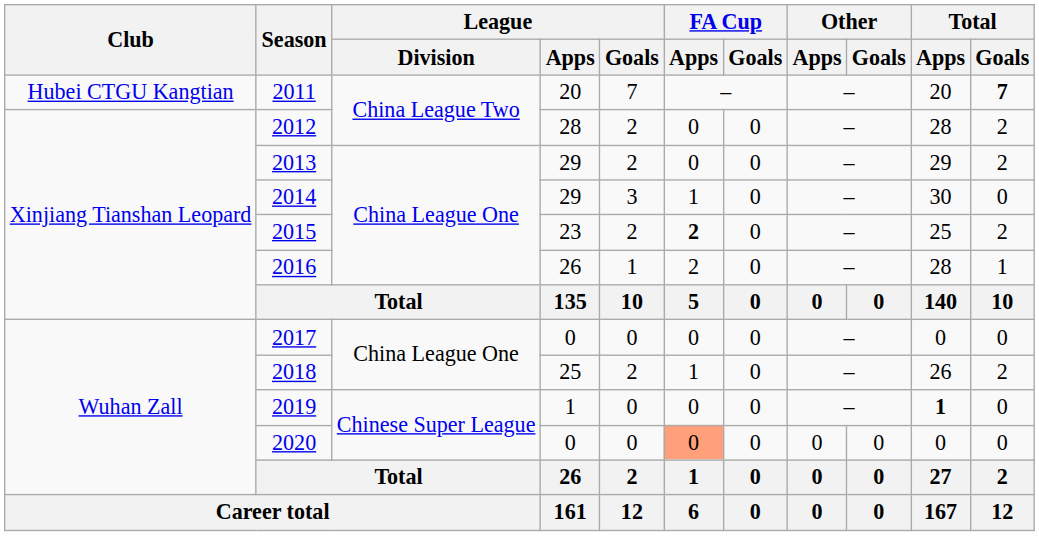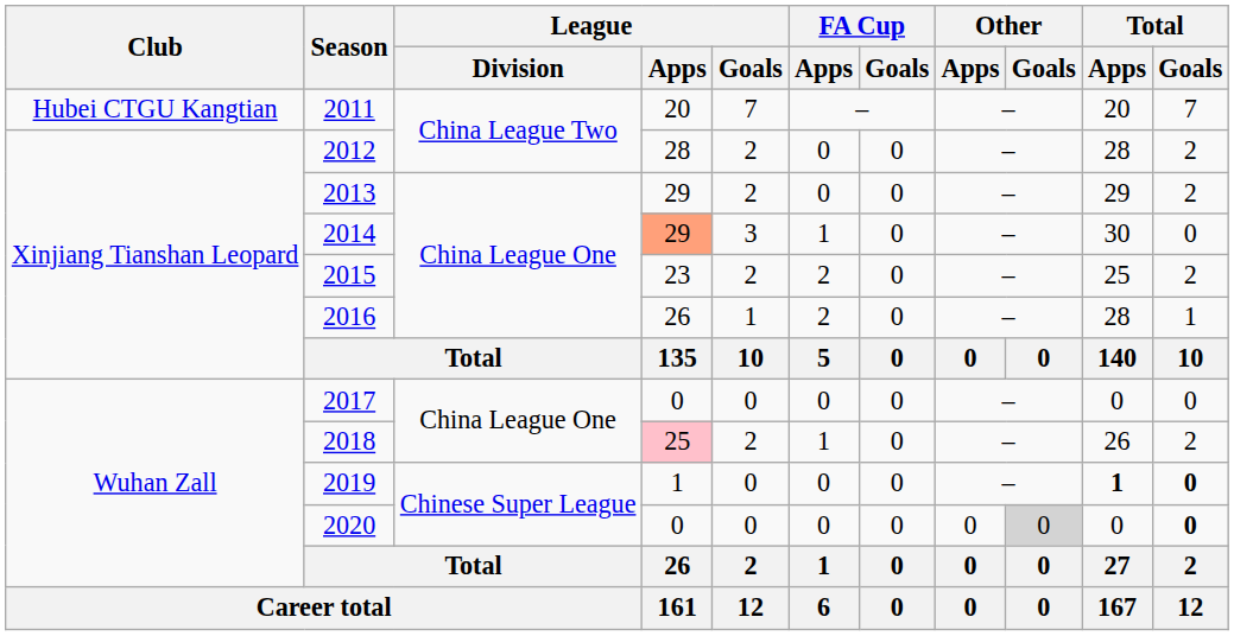 <table class="wikitable" style="text-align: center">
 <tr>
 <th rowspan="2">Club</th>
 <th rowspan="2">Season</th>
 <th colspan="3">League</th>
 <th colspan="2"><a href='#'>FA Cup</a></th>
 <th colspan="2">Other</th>
 <th colspan="2">Total</th>
 </tr>
 <tr>
 <th>Division</th>
 <th>Apps</th>
 <th>Goals</th>
 <th>Apps</th>
 <th>Goals</th>
 <th>Apps</th>
 <th>Goals</th>
 <th>Apps</th>
 <th>Goals</th>
 </tr>
 <tr>
 <td rowspan="1"><a href='#'>Hubei CTGU Kangtian</a></td>
 <td><a href='#'>2011</a></td>
 <td rowspan="2"><a href='#'>China League Two</a></td>
 <td>20</td>
 <td>7</td>
 <td colspan="2">–</td>
 <td colspan="2">–</td>
 <td>20</td>
-<td><strong>7</strong></td>
+<td>7</td>
 </tr>
 <tr>
 <td rowspan="6"><a href='#'>Xinjiang Tianshan Leopard</a></td>
 <td><a href='#'>2012</a></td>
 <td>28</td>
 <td>2</td>
 <td>0</td>
 <td>0</td>
 <td colspan="2">–</td>
 <td>28</td>
 <td>2</td>
 </tr>
 <tr>
 <td><a href='#'>2013</a></td>
 <td rowspan="4"><a href='#'>China League One</a></td>
 <td>29</td>
 <td>2</td>
 <td>0</td>
 <td>0</td>
 <td colspan="2">–</td>
 <td>29</td>
 <td>2</td>
 </tr>
 <tr>
 <td><a href='#'>2014</a></td>
-<td>29</td>
+<td style="background: lightsalmon;">29</td>
 <td>3</td>
 <td>1</td>
 <td>0</td>
 <td colspan="2">–</td>
 <td>30</td>
 <td>0</td>
 </tr>
 <tr>
 <td><a href='#'>2015</a></td>
 <td>23</td>
 <td>2</td>
-<td><strong>2</strong></td>
+<td>2</td>
 <td>0</td>
 <td colspan="2">–</td>
 <td>25</td>
 <td>2</td>
 </tr>
 <tr>
 <td><a href='#'>2016</a></td>
 <td>26</td>
 <td>1</td>
 <td>2</td>
 <td>0</td>
 <td colspan="2">–</td>
 <td>28</td>
 <td>1</td>
 </tr>
 <tr>
 <th colspan=2>Total</th>
 <th>135</th>
 <th>10</th>
 <th>5</th>
 <th>0</th>
 <th>0</th>
 <th>0</th>
 <th>140</th>
 <th>10</th>
 </tr>
 <tr>
 <td rowspan="5"><a href='#'>Wuhan Zall</a></td>
 <td><a href='#'>2017</a></td>
 <td rowspan="2">China League One</td>
 <td>0</td>
 <td>0</td>
 <td>0</td>
 <td>0</td>
 <td colspan="2">–</td>
 <td>0</td>
 <td>0</td>
 </tr>
 <tr>
 <td><a href='#'>2018</a></td>
-<td>25</td>
+<td style="background: pink;">25</td>
 <td>2</td>
 <td>1</td>
 <td>0</td>
 <td colspan="2">–</td>
 <td>26</td>
 <td>2</td>
 </tr>
 <tr>
 <td><a href='#'>2019</a></td>
 <td rowspan=2><a href='#'>Chinese Super League</a></td>
 <td>1</td>
 <td>0</td>
 <td>0</td>
 <td>0</td>
 <td colspan="2">–</td>
 <td><strong>1</strong></td>
-<td>0</td>
+<td><strong>0</strong></td>
 </tr>
 <tr>
 <td><a href='#'>2020</a></td>
 <td>0</td>
 <td>0</td>
-<td style="background: lightsalmon;">0</td>
 <td>0</td>
 <td>0</td>
 <td>0</td>
+<td style="background: lightgrey;">0</td>
 <td>0</td>
-<td>0</td>
+<td><strong>0</strong></td>
 </tr>
 <tr>
 <th colspan=2>Total</th>
 <th>26</th>
 <th>2</th>
 <th>1</th>
 <th>0</th>
 <th>0</th>
 <th>0</th>
 <th>27</th>
 <th>2</th>
 </tr>
 <tr>
 <th colspan=3>Career total</th>
 <th>161</th>
 <th>12</th>
 <th>6</th>
 <th>0</th>
 <th>0</th>
 <th>0</th>
 <th>167</th>
 <th>12</th>
 </tr>
 </table>
